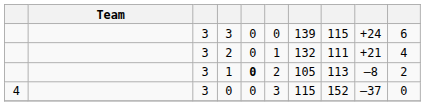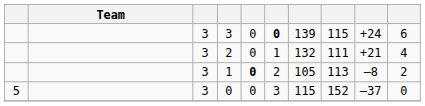 <table class=wikitable style=text-align:center>
 <tr>
 <th width=20 abbr=Position></th>
 <th width=175>Team</th>
 <th width=20 abbr=Played></th>
 <th width=20 abbr=Won></th>
 <th width=20 abbr=Drawn></th>
 <th width=20 abbr=Lost></th>
 <th width=30 abbr=Goal for></th>
 <th width=30 abbr=Goal against></th>
 <th width=30 abbr=Goal difference></th>
 <th width=30 abbr=Points></th>
 </tr>
 <tr>
 <td></td>
 <td align=left></td>
 <td>3</td>
 <td>3</td>
 <td>0</td>
-<td>0</td>
+<td><strong>0</strong></td>
 <td>139</td>
 <td>115</td>
 <td>+24</td>
 <td>6</td>
 </tr>
 <tr>
 <td></td>
 <td align=left></td>
 <td>3</td>
 <td>2</td>
 <td>0</td>
 <td>1</td>
 <td>132</td>
 <td>111</td>
 <td>+21</td>
 <td>4</td>
 </tr>
 <tr>
 <td></td>
 <td align=left></td>
 <td>3</td>
 <td>1</td>
 <td><strong>0</strong></td>
 <td>2</td>
 <td>105</td>
 <td>113</td>
 <td>–8</td>
 <td>2</td>
 </tr>
 <tr>
-<td>4</td>
+<td>5</td>
 <td align=left></td>
 <td>3</td>
 <td>0</td>
 <td>0</td>
 <td>3</td>
 <td>115</td>
 <td>152</td>
 <td>–37</td>
 <td>0</td>
 </tr>
 <tr>
 </tr>
 </table>
